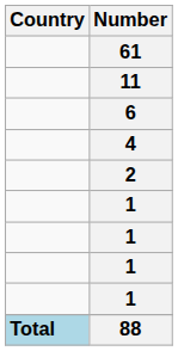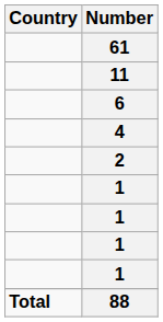 <table class="wikitable centre sortable">
 <tr>
 <th>Country</th>
 <th>Number</th>
 </tr>
 <tr>
 <td></td>
 <th>61</th>
 </tr>
 <tr>
 <td></td>
 <th>11</th>
 </tr>
 <tr>
 <td></td>
 <th>6</th>
 </tr>
 <tr>
 <td></td>
 <th>4</th>
 </tr>
 <tr>
 <td></td>
 <th>2</th>
 </tr>
 <tr>
 <td></td>
 <th>1</th>
 </tr>
 <tr>
 <td></td>
 <th>1</th>
 </tr>
 <tr>
 <td></td>
 <th>1</th>
 </tr>
 <tr>
 <td></td>
 <th>1</th>
 </tr>
 <tr>
 </tr>
 <tr class="sortbottom">
-<td style="background: lightblue;"><strong>Total</strong></td>
+<td><strong>Total</strong></td>
 <th>88</th>
 </tr>
 </table>
